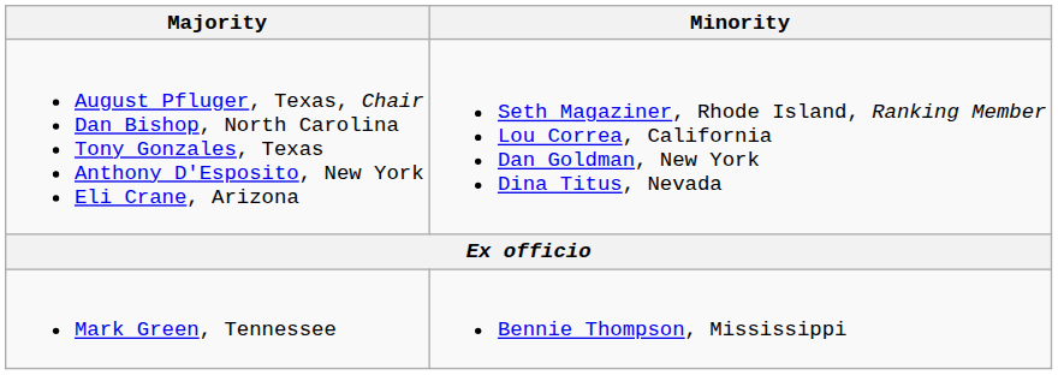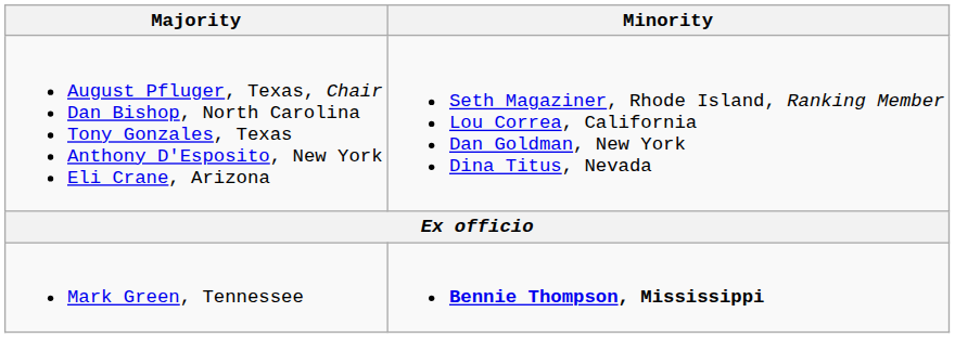 <table class=wikitable>
 <tr>
 <th>Majority</th>
 <th>Minority</th>
 </tr>
 <tr>
 <td><br><ul><li><a href='#'>August Pfluger</a>, Texas, <em>Chair</em></li><li><a href='#'>Dan Bishop</a>, North Carolina</li><li><a href='#'>Tony Gonzales</a>, Texas</li><li><a href='#'>Anthony D'Esposito</a>, New York</li><li><a href='#'>Eli Crane</a>, Arizona</li></ul></td>
 <td><br><ul><li><a href='#'>Seth Magaziner</a>, Rhode Island, <em>Ranking Member</em></li><li><a href='#'>Lou Correa</a>, California</li><li><a href='#'>Dan Goldman</a>, New York</li><li><a href='#'>Dina Titus</a>, Nevada</li></ul></td>
 </tr>
 <tr>
 <th colspan=2><em>Ex officio</em></th>
 </tr>
 <tr>
 <td><br><ul><li><a href='#'>Mark Green</a>, Tennessee</li></ul></td>
-<td><br><ul><li><a href='#'>Bennie Thompson</a>, Mississippi</li></ul></td>
+<td><strong><br><ul><li><a href='#'>Bennie Thompson</a>, Mississippi</li></ul></strong></td>
 </tr>
 </table>
